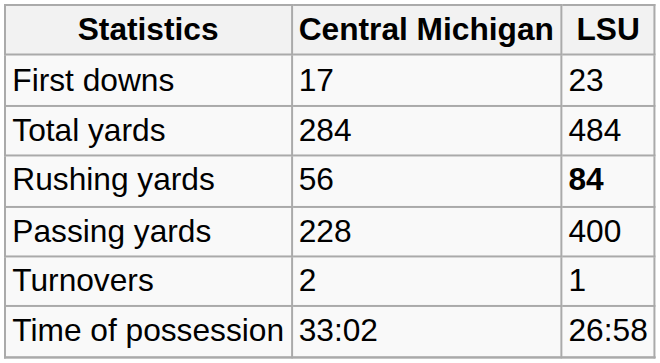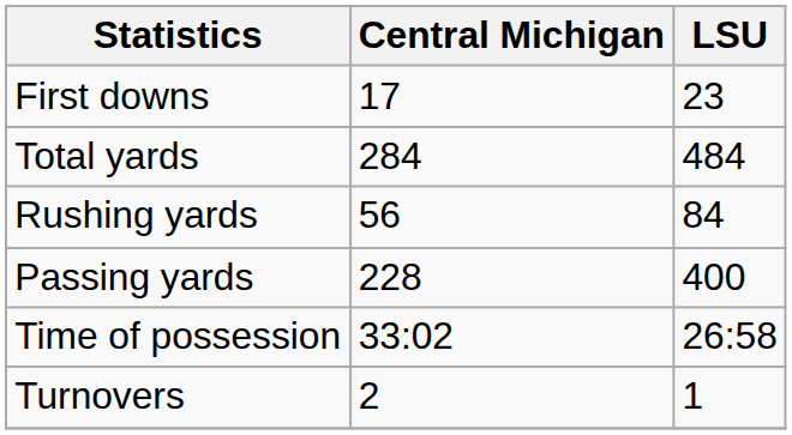 <table class="wikitable">
 <tr>
 <th>Statistics</th>
 <th>Central Michigan</th>
 <th>LSU</th>
 </tr>
 <tr>
 <td>First downs</td>
 <td>17</td>
 <td>23</td>
 </tr>
 <tr>
 <td>Total yards</td>
 <td>284</td>
 <td>484</td>
 </tr>
 <tr>
 <td>Rushing yards</td>
 <td>56</td>
-<td><strong>84</strong></td>
+<td>84</td>
 </tr>
 <tr>
 <td>Passing yards</td>
 <td>228</td>
 <td>400</td>
 </tr>
 <tr>
+<td>Time of possession</td>
+<td>33:02</td>
+<td>26:58</td>
+</tr>
+<tr>
 <td>Turnovers</td>
 <td>2</td>
 <td>1</td>
 </tr>
 <tr>
-<td>Time of possession</td>
-<td>33:02</td>
-<td>26:58</td>
-</tr>
-<tr>
 </tr>
 </table>
